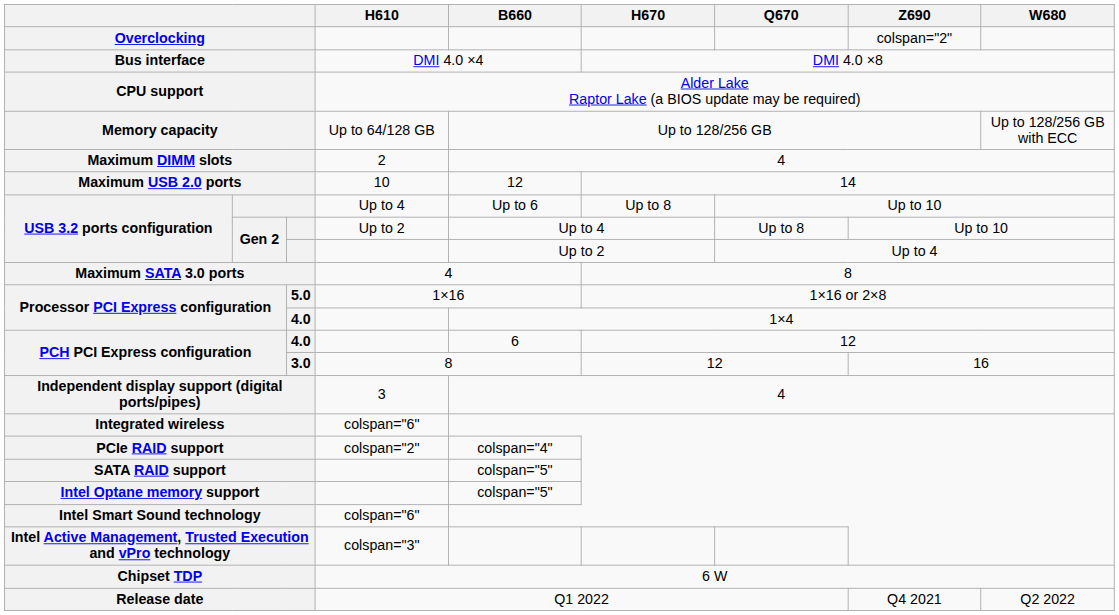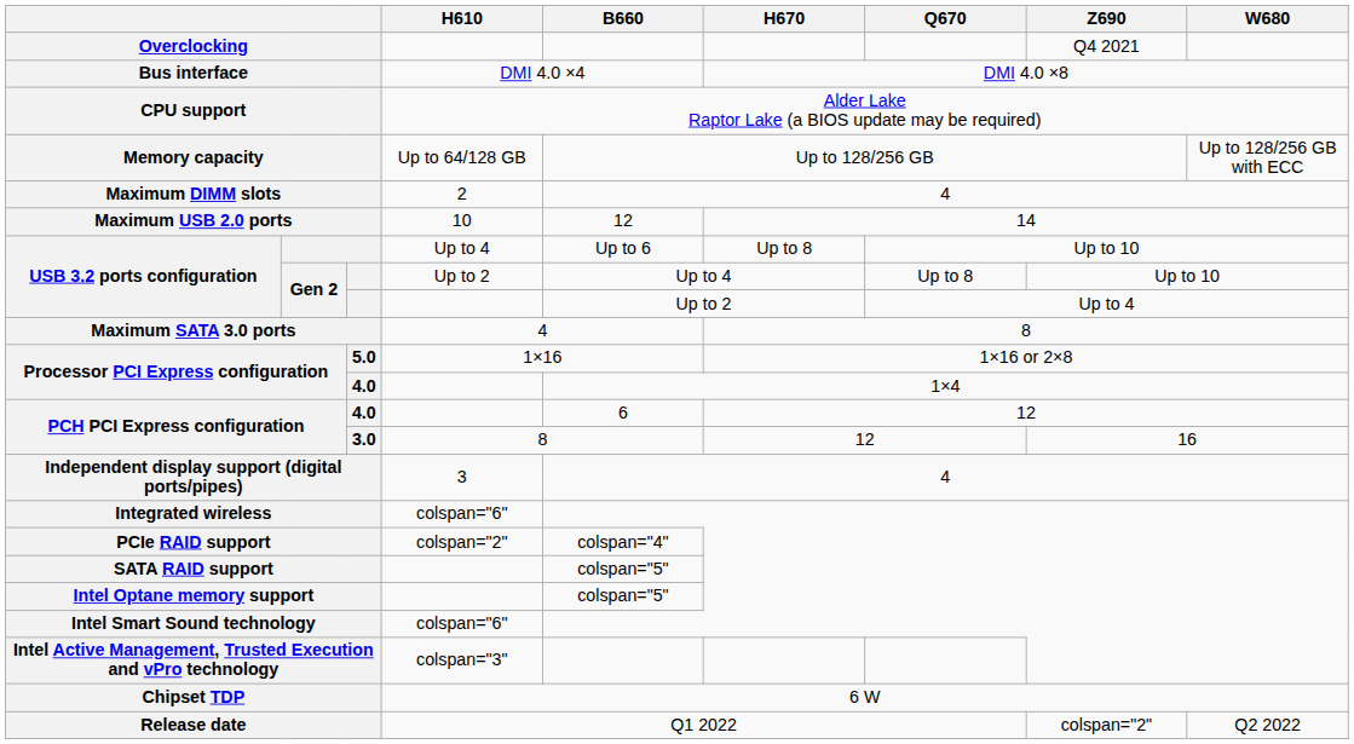 <table class="wikitable sticky-header" style="text-align: center; min-width: 30em; max-width: 100em;">
 <tr>
 <th colspan="3" scope="col" width="28%"></th>
 <th scope="col" width="12%">H610</th>
 <th scope="col" width="12%">B660</th>
 <th scope="col" width="12%">H670</th>
 <th scope="col" width="12%">Q670</th>
 <th scope="col" width="12%">Z690</th>
 <th scope="col" width="12%">W680</th>
 </tr>
 <tr>
 <th colspan="3"><a href='#'>Overclocking</a></th>
 <td></td>
 <td></td>
 <td></td>
 <td></td>
-<td>colspan="2" </td>
+<td>Q4 2021</td>
 </tr>
 <tr>
 <th colspan="3">Bus interface</th>
 <td colspan="2"><a href='#'>DMI</a> 4.0 ×4</td>
 <td colspan="4"><a href='#'>DMI</a> 4.0 ×8</td>
 </tr>
 <tr>
 <th colspan="3">CPU support</th>
 <td colspan="6"><a href='#'>Alder Lake</a><br><a href='#'>Raptor Lake</a> (a BIOS update may be required)</td>
 </tr>
 <tr>
 <th colspan="3">Memory capacity</th>
 <td>Up to 64/128 GB</td>
 <td colspan="4">Up to 128/256 GB</td>
 <td>Up to 128/256 GB with ECC</td>
 </tr>
 <tr>
 <th colspan="3">Maximum <a href='#'>DIMM</a> slots</th>
 <td>2</td>
 <td colspan="5">4</td>
 </tr>
 <tr>
 <th colspan="3">Maximum <a href='#'>USB 2.0</a> ports</th>
 <td>10</td>
 <td>12</td>
 <td colspan="4">14</td>
 </tr>
 <tr>
 <th rowspan="3"><a href='#'>USB 3.2</a> ports configuration</th>
 <th colspan="2"></th>
 <td>Up to 4</td>
 <td>Up to 6</td>
 <td>Up to 8</td>
 <td colspan="3">Up to 10</td>
 </tr>
 <tr>
 <th rowspan="2">Gen 2</th>
 <th></th>
 <td>Up to 2</td>
 <td colspan="2">Up to 4</td>
 <td>Up to 8</td>
 <td colspan="2">Up to 10</td>
 </tr>
 <tr>
 <th></th>
 <td></td>
 <td colspan="2">Up to 2</td>
 <td colspan="3">Up to 4</td>
 </tr>
 <tr>
 <th colspan="3">Maximum <a href='#'>SATA</a> 3.0 ports</th>
 <td colspan="2">4</td>
 <td colspan="4">8</td>
 </tr>
 <tr>
 <th rowspan="2" colspan="2">Processor <a href='#'>PCI Express</a> configuration</th>
 <th>5.0</th>
 <td colspan="2">1×16</td>
 <td colspan="4">1×16 or 2×8</td>
 </tr>
 <tr>
 <th>4.0</th>
 <td></td>
 <td colspan="5">1×4</td>
 </tr>
 <tr>
 <th rowspan="2" colspan="2"><a href='#'>PCH</a> PCI Express configuration</th>
 <th>4.0</th>
 <td></td>
 <td>6</td>
 <td colspan="4">12</td>
 </tr>
 <tr>
 <th>3.0</th>
 <td colspan="2">8</td>
 <td colspan="2">12</td>
 <td colspan="2">16</td>
 </tr>
 <tr>
 <th colspan="3">Independent display support (digital ports/pipes)</th>
 <td>3</td>
 <td colspan="5">4</td>
 </tr>
 <tr>
 <th colspan="3">Integrated wireless</th>
 <td>colspan="6" </td>
 </tr>
 <tr>
 <th colspan="3">PCIe <a href='#'>RAID</a> support</th>
 <td>colspan="2" </td>
 <td>colspan="4" </td>
 </tr>
 <tr>
 <th colspan="3">SATA <a href='#'>RAID</a> support</th>
 <td></td>
 <td>colspan="5" </td>
 </tr>
 <tr>
 <th colspan="3"><a href='#'>Intel Optane memory</a> support</th>
 <td></td>
 <td>colspan="5" </td>
 </tr>
 <tr>
 <th colspan="3">Intel Smart Sound technology</th>
 <td>colspan="6" </td>
 </tr>
 <tr>
 <th colspan="3">Intel <a href='#'>Active Management</a>, <a href='#'>Trusted Execution</a> and <a href='#'>vPro</a> technology</th>
 <td>colspan="3" </td>
 <td></td>
 <td></td>
 <td></td>
 </tr>
 <tr>
 <th colspan="3">Chipset <a href='#'>TDP</a></th>
 <td colspan="6">6 W</td>
 </tr>
 <tr>
 <th colspan="3">Release date</th>
 <td colspan="4">Q1 2022</td>
-<td>Q4 2021</td>
+<td>colspan="2" </td>
 <td>Q2 2022</td>
 </tr>
 </table>
